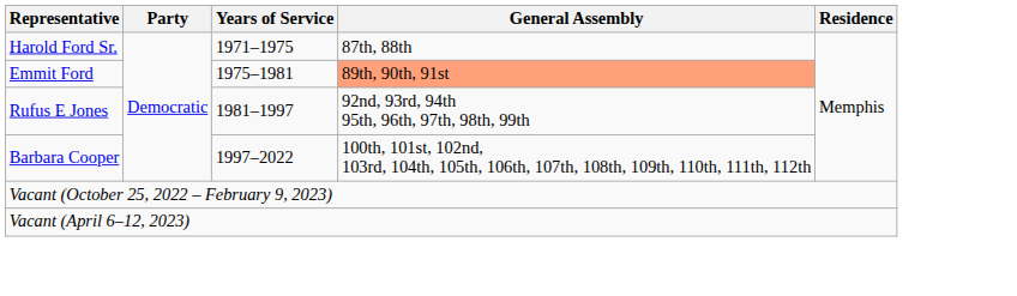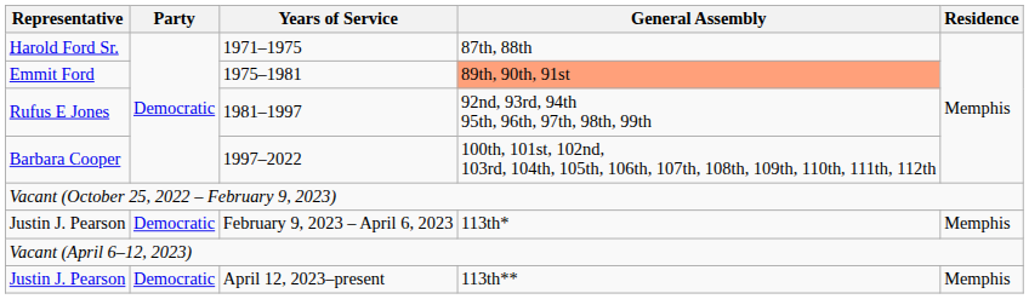 <table class="wikitable">
 <tr>
 <th>Representative</th>
 <th>Party</th>
 <th>Years of Service</th>
 <th>General Assembly</th>
 <th>Residence</th>
 </tr>
 <tr>
 <td><a href='#'>Harold Ford Sr.</a></td>
 <td rowspan="4" ><a href='#'>Democratic</a></td>
 <td>1971–1975</td>
 <td>87th, 88th</td>
 <td rowspan="4">Memphis</td>
 </tr>
 <tr>
 <td><a href='#'>Emmit Ford</a></td>
 <td>1975–1981</td>
 <td style="background: lightsalmon;">89th, 90th, 91st</td>
 </tr>
 <tr>
 <td><a href='#'>Rufus E Jones</a></td>
 <td>1981–1997</td>
 <td>92nd, 93rd, 94th<br>95th, 96th, 97th, 98th, 99th</td>
 </tr>
 <tr>
 <td><a href='#'>Barbara Cooper</a></td>
 <td>1997–2022</td>
 <td>100th, 101st, 102nd,<br>103rd, 104th, 105th,  106th, 107th, 108th, 109th, 110th, 111th, 112th</td>
 </tr>
 <tr>
 <td colspan="5"><em>Vacant (October 25, 2022 – February 9, 2023)</em></td>
 </tr>
 <tr>
+<td>Justin J. Pearson</td>
+<td rowspan="1" ><a href='#'>Democratic</a></td>
+<td>February 9, 2023 – April 6, 2023</td>
+<td>113th*</td>
+<td>Memphis</td>
+</tr>
+<tr>
 <td colspan="5"><em>Vacant (April 6–12, 2023)</em></td>
 </tr>
+<tr>
+<td><a href='#'>Justin J. Pearson</a></td>
+<td rowspan="1" ><a href='#'>Democratic</a></td>
+<td>April 12, 2023–present</td>
+<td>113th**</td>
+<td>Memphis</td>
+</tr>
 </table>
